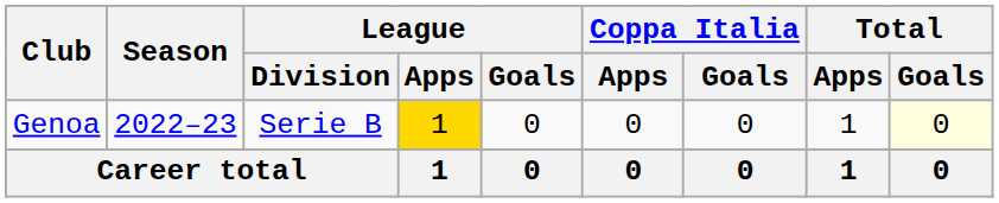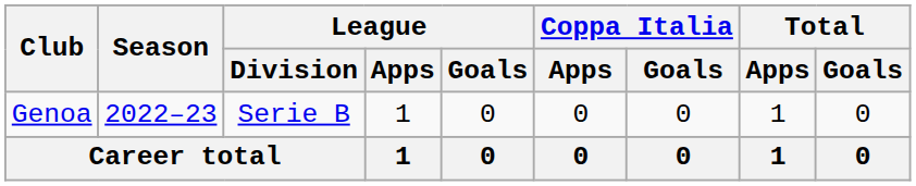 <table class="wikitable" style="text-align:center">
 <tr>
 <th rowspan="2">Club</th>
 <th rowspan="2">Season</th>
 <th colspan="3">League</th>
 <th colspan="2"><a href='#'>Coppa Italia</a></th>
 <th colspan="2">Total</th>
 </tr>
 <tr>
 <th>Division</th>
 <th>Apps</th>
 <th>Goals</th>
 <th>Apps</th>
 <th>Goals</th>
 <th>Apps</th>
 <th>Goals</th>
 </tr>
 <tr>
 <td><a href='#'>Genoa</a></td>
 <td><a href='#'>2022–23</a></td>
 <td><a href='#'>Serie B</a></td>
-<td style="background: gold;">1</td>
+<td>1</td>
 <td>0</td>
 <td>0</td>
 <td>0</td>
 <td>1</td>
-<td style="background: lightyellow;">0</td>
+<td>0</td>
 </tr>
 <tr>
 <th colspan="3">Career total</th>
 <th>1</th>
 <th>0</th>
 <th>0</th>
 <th>0</th>
 <th>1</th>
 <th>0</th>
 </tr>
 </table>
